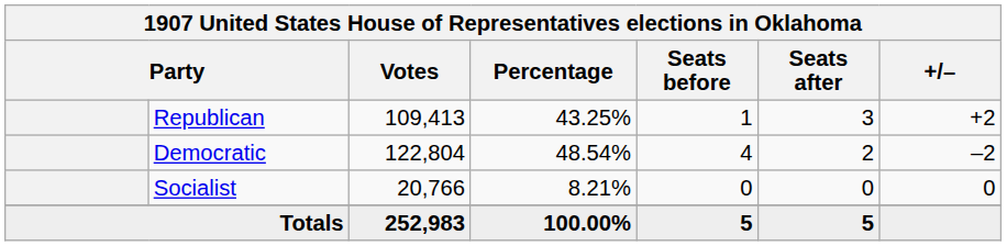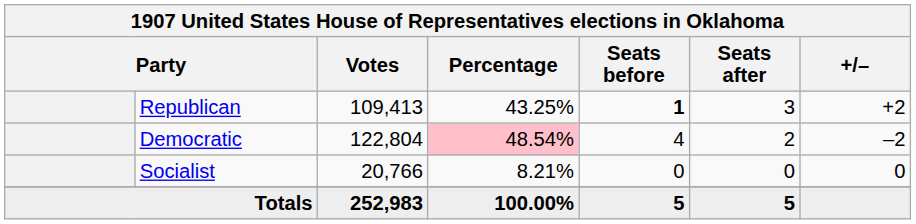 <table class="wikitable" style="font-size: 95%;">
 <tr>
 <th colspan="7">1907 United States House of Representatives elections in Oklahoma</th>
 </tr>
 <tr>
 <th colspan=2 style="width: 15em">Party</th>
 <th style="width: 5em">Votes</th>
 <th style="width: 7em">Percentage</th>
 <th style="width: 5em">Seats before</th>
 <th style="width: 5em">Seats after</th>
 <th style="width: 5em">+/–</th>
 </tr>
 <tr>
 <th style="background-color:"></th>
 <td style="width: 130px"><a href='#'>Republican</a></td>
 <td align="right">109,413</td>
 <td align="right">43.25%</td>
-<td align="right">1</td>
+<td align="right"><strong>1</strong></td>
 <td align="right">3</td>
 <td align="right">+2</td>
 </tr>
 <tr>
 <th style="background-color:"></th>
 <td style="width: 130px"><a href='#'>Democratic</a></td>
 <td align="right">122,804</td>
-<td align="right">48.54%</td>
+<td align="right" style="background: pink;">48.54%</td>
 <td align="right">4</td>
 <td align="right">2</td>
 <td align="right">–2</td>
 </tr>
 <tr>
 <th style="background-color:"></th>
 <td style="width: 130px"><a href='#'>Socialist</a></td>
 <td align="right">20,766</td>
 <td align="right">8.21%</td>
 <td align="right">0</td>
 <td align="right">0</td>
 <td align="right">0</td>
 </tr>
 <tr>
 </tr>
 <tr bgcolor="#EEEEEE">
 <td colspan="2" align="right"><strong>Totals</strong></td>
 <td align="right"><strong>252,983</strong></td>
 <td align="right"><strong>100.00%</strong></td>
 <td align="right"><strong>5</strong></td>
 <td align="right"><strong>5</strong></td>
 <td align="right"><strong></strong></td>
 </tr>
 </table>
